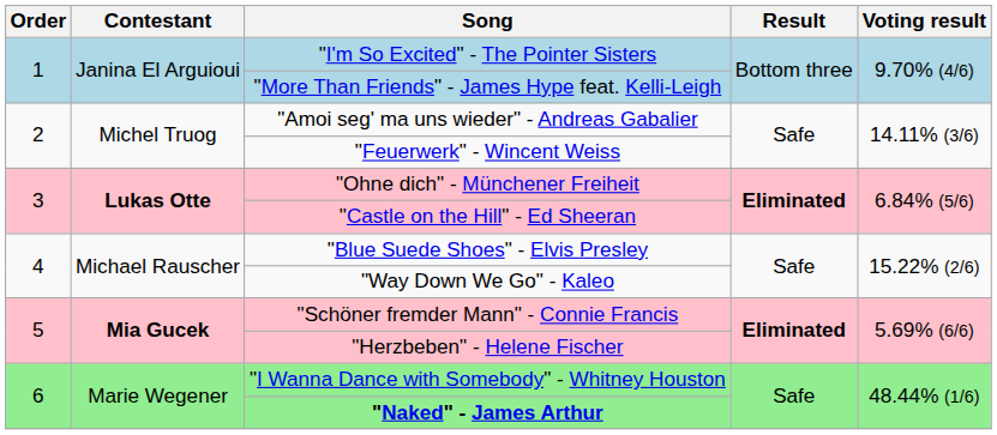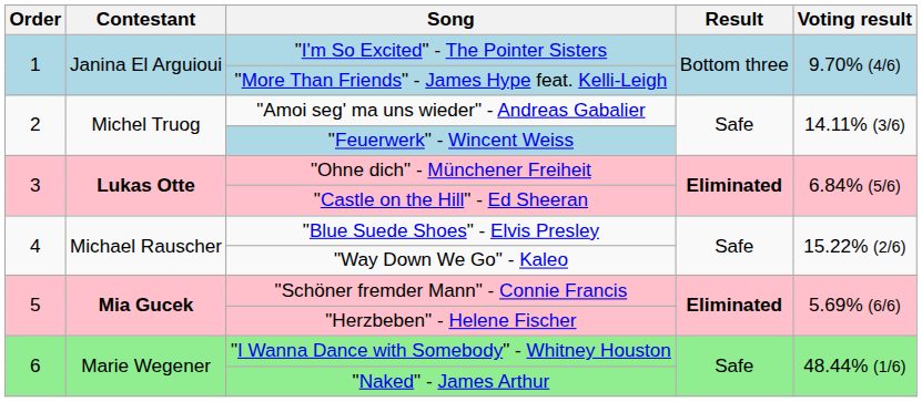 <table class="wikitable" style="text-align:center;">
 <tr>
 <th>Order</th>
 <th>Contestant</th>
 <th>Song</th>
 <th>Result</th>
 <th>Voting result</th>
 </tr>
 <tr bgcolor="lightblue">
 <td rowspan=2>1</td>
 <td rowspan=2>Janina El Arguioui</td>
 <td>"<a href='#'>I'm So Excited</a>" - <a href='#'>The Pointer Sisters</a></td>
 <td rowspan=2>Bottom three</td>
 <td rowspan=2>9.70% <small>(4/6)</small></td>
 </tr>
 <tr bgcolor="lightblue">
 <td>"<a href='#'>More Than Friends</a>" - <a href='#'>James Hype</a> feat. <a href='#'>Kelli-Leigh</a></td>
 </tr>
 <tr>
 <td rowspan=2>2</td>
 <td rowspan=2>Michel Truog</td>
 <td>"Amoi seg' ma uns wieder" - <a href='#'>Andreas Gabalier</a></td>
 <td rowspan=2>Safe</td>
 <td rowspan=2>14.11% <small>(3/6)</small></td>
 </tr>
 <tr>
-<td>"<a href='#'>Feuerwerk</a>" - <a href='#'>Wincent Weiss</a></td>
+<td style="background: lightblue;">"<a href='#'>Feuerwerk</a>" - <a href='#'>Wincent Weiss</a></td>
 </tr>
 <tr bgcolor="pink">
 <td rowspan=2>3</td>
 <td rowspan=2><strong>Lukas Otte</strong></td>
 <td>"Ohne dich" - <a href='#'>Münchener Freiheit</a></td>
 <td rowspan=2><strong>Eliminated</strong></td>
 <td rowspan=2>6.84% <small>(5/6)</small></td>
 </tr>
 <tr bgcolor="pink">
 <td>"<a href='#'>Castle on the Hill</a>" - <a href='#'>Ed Sheeran</a></td>
 </tr>
 <tr>
 <td rowspan=2>4</td>
 <td rowspan=2>Michael Rauscher</td>
 <td>"<a href='#'>Blue Suede Shoes</a>" - <a href='#'>Elvis Presley</a></td>
 <td rowspan=2>Safe</td>
 <td rowspan=2>15.22% <small>(2/6)</small></td>
 </tr>
 <tr>
 <td>"Way Down We Go" - <a href='#'>Kaleo</a></td>
 </tr>
 <tr bgcolor="pink">
 <td rowspan=2>5</td>
 <td rowspan=2><strong>Mia Gucek</strong></td>
 <td>"Schöner fremder Mann" - <a href='#'>Connie Francis</a></td>
 <td rowspan=2><strong>Eliminated</strong></td>
 <td rowspan=2>5.69% <small>(6/6)</small></td>
 </tr>
 <tr bgcolor="pink">
 <td>"Herzbeben" - <a href='#'>Helene Fischer</a></td>
 </tr>
 <tr bgcolor="lightgreen">
 <td rowspan=2>6</td>
 <td rowspan=2>Marie Wegener</td>
 <td>"<a href='#'>I Wanna Dance with Somebody</a>" - <a href='#'>Whitney Houston</a></td>
 <td rowspan=2>Safe</td>
 <td rowspan=2>48.44% <small>(1/6)</small></td>
 </tr>
 <tr bgcolor="lightgreen">
-<td><strong>"<a href='#'>Naked</a>" - <a href='#'>James Arthur</a></strong></td>
+<td>"<a href='#'>Naked</a>" - <a href='#'>James Arthur</a></td>
 </tr>
 <tr>
 </tr>
 </table>
